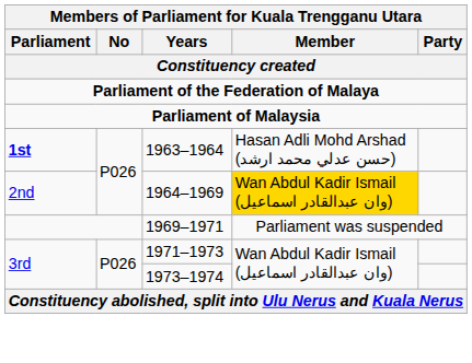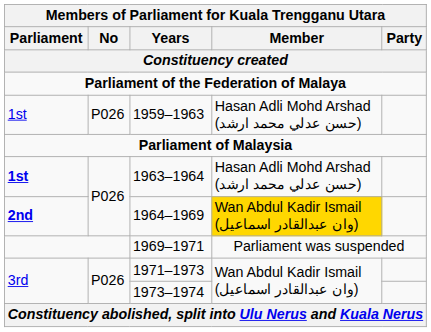 <table class=wikitable>
 <tr>
 <th colspan="5">Members of Parliament for Kuala Trengganu Utara</th>
 </tr>
 <tr>
 <th>Parliament</th>
 <th>No</th>
 <th>Years</th>
 <th>Member</th>
 <th>Party</th>
 </tr>
 <tr>
 <th colspan="5" align="center"><em>Constituency created</em></th>
 </tr>
 <tr>
 <td colspan="5" align="center"><strong>Parliament of the Federation of Malaya</strong></td>
 </tr>
 <tr>
+<td><a href='#'>1st</a></td>
+<td>P026</td>
+<td>1959–1963</td>
+<td>Hasan Adli Mohd Arshad <br> (حسن عدلي محمد ارشد)</td>
+<td></td>
+</tr>
+<tr>
 <td colspan="5" align="center"><strong>Parliament of Malaysia</strong></td>
 </tr>
 <tr>
 <td><strong><a href='#'>1st</a></strong></td>
 <td rowspan="2">P026</td>
 <td>1963–1964</td>
 <td>Hasan Adli Mohd Arshad <br> (حسن عدلي محمد ارشد)</td>
 <td></td>
 </tr>
 <tr>
-<td><a href='#'>2nd</a></td>
+<td><strong><a href='#'>2nd</a></strong></td>
 <td>1964–1969</td>
 <td style="background: gold;">Wan Abdul Kadir Ismail <br> (وان عبدالقادر اسماعيل)</td>
 <td></td>
 </tr>
 <tr>
 <td colspan="2"></td>
 <td>1969–1971</td>
 <td colspan="2" align="center">Parliament was suspended</td>
 </tr>
 <tr>
 <td rowspan=2><a href='#'>3rd</a></td>
 <td rowspan="2">P026</td>
 <td>1971–1973</td>
 <td rowspan="2">Wan Abdul Kadir Ismail <br> (وان عبدالقادر اسماعيل)</td>
 <td></td>
 </tr>
 <tr>
 <td>1973–1974</td>
 <td></td>
 </tr>
 <tr>
 <th colspan="5" align="center"><em>Constituency abolished, split into <a href='#'>Ulu Nerus</a> and <a href='#'>Kuala Nerus</a></em></th>
 </tr>
 </table>
